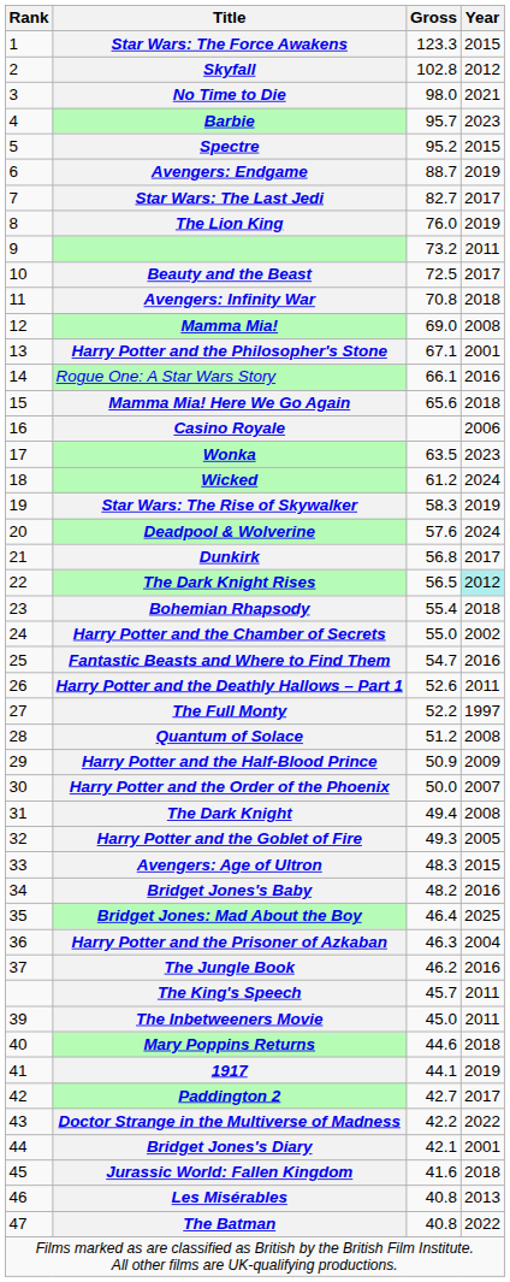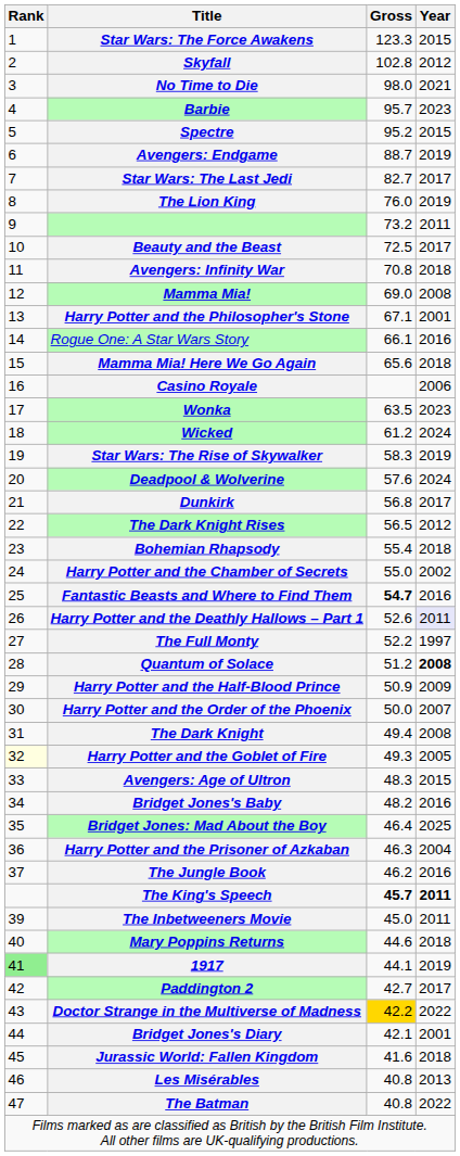 <table class="wikitable sortable plainrowheaders">
 <tr>
 <th scope="col">Rank</th>
 <th scope="col">Title</th>
 <th scope="col">Gross<br></th>
 <th scope="col">Year</th>
 </tr>
 <tr>
 <td>1</td>
 <th scope="row"><em><a href='#'>Star Wars: The Force Awakens</a></em></th>
 <td align="right">123.3</td>
 <td style="text-align:center;">2015</td>
 </tr>
 <tr>
 <td>2</td>
 <th scope="row"><em><a href='#'>Skyfall</a></em></th>
 <td align="right">102.8</td>
 <td style="text-align:center;">2012</td>
 </tr>
 <tr>
 <td>3</td>
 <th scope="row"><em><a href='#'>No Time to Die</a></em></th>
 <td style="text-align:right;">98.0</td>
 <td style="text-align:center;">2021</td>
 </tr>
 <tr>
 <td>4</td>
 <th scope="row" style="background:#b6fcb6;"><em><a href='#'>Barbie</a></em> </th>
 <td style="text-align:right;">95.7</td>
 <td style="text-align:center;">2023</td>
 </tr>
 <tr>
 <td>5</td>
 <th scope="row"><em><a href='#'>Spectre</a></em></th>
 <td align="right">95.2</td>
 <td style="text-align:center;">2015</td>
 </tr>
 <tr>
 <td>6</td>
 <th scope="row"><em><a href='#'>Avengers: Endgame</a></em></th>
 <td style="text-align:right;">88.7</td>
 <td style="text-align:center;">2019</td>
 </tr>
 <tr>
 <td>7</td>
 <th scope="row"><em><a href='#'>Star Wars: The Last Jedi</a></em></th>
 <td style="text-align:right;">82.7</td>
 <td style="text-align:center;">2017</td>
 </tr>
 <tr>
 <td>8</td>
 <th scope="row"><em><a href='#'>The Lion King</a></em></th>
 <td align="right">76.0</td>
 <td style="text-align:center;">2019</td>
 </tr>
 <tr>
 <td>9</td>
 <th scope="row" style="background:#b6fcb6;"><em></em> </th>
 <td align="right">73.2</td>
 <td style="text-align:center;">2011</td>
 </tr>
 <tr>
 <td>10</td>
 <th scope="row"><em><a href='#'>Beauty and the Beast</a></em></th>
 <td style="text-align:right;">72.5</td>
 <td style="text-align:center;">2017</td>
 </tr>
 <tr>
 <td>11</td>
 <th scope="row"><em><a href='#'>Avengers: Infinity War</a></em></th>
 <td style="text-align:right;">70.8</td>
 <td style="text-align:center;">2018</td>
 </tr>
 <tr>
 <td>12</td>
 <th scope="row" style="background:#b6fcb6;"><em><a href='#'>Mamma Mia!</a></em> </th>
 <td style="text-align:right;">69.0</td>
 <td style="text-align:center;">2008</td>
 </tr>
 <tr>
 <td>13</td>
 <th scope="row"><em><a href='#'>Harry Potter and the Philosopher's Stone</a></em></th>
 <td align="right">67.1</td>
 <td style="text-align:center;">2001</td>
 </tr>
 <tr>
 <td>14</td>
 <td scope="row" style="background:#b6fcb6;"><em><a href='#'>Rogue One: A Star Wars Story</a></em> </td>
 <td style="text-align:right;">66.1</td>
 <td style="text-align:center;">2016</td>
 </tr>
 <tr>
 <td>15</td>
 <th scope="row"><em><a href='#'>Mamma Mia! Here We Go Again</a></em></th>
 <td style="text-align:right;">65.6</td>
 <td style="text-align:center;">2018</td>
 </tr>
 <tr>
 <td>16</td>
 <th scope="row"><em><a href='#'>Casino Royale</a></em></th>
 <td align="right"></td>
 <td style="text-align:center;">2006</td>
 </tr>
 <tr>
 <td>17</td>
 <th scope="row" style="background:#b6fcb6;"><em><a href='#'>Wonka</a></em> </th>
 <td style="text-align:right;">63.5</td>
 <td style="text-align:center;">2023</td>
 </tr>
 <tr>
 <td>18</td>
 <th scope="row" style="background:#b6fcb6;"><em><a href='#'>Wicked</a></em> </th>
 <td style="text-align:right;">61.2</td>
 <td style="text-align:center;">2024</td>
 </tr>
 <tr>
 <td>19</td>
 <th scope="row"><em><a href='#'>Star Wars: The Rise of Skywalker</a></em></th>
 <td style="text-align:right;">58.3</td>
 <td style="text-align:center;">2019</td>
 </tr>
 <tr>
 <td>20</td>
 <th scope="row" style="background:#b6fcb6;"><em><a href='#'>Deadpool & Wolverine</a></em> </th>
 <td align="right">57.6</td>
 <td style="text-align:center;">2024</td>
 </tr>
 <tr>
 <td>21</td>
 <th scope="row"><em><a href='#'>Dunkirk</a></em></th>
 <td style="text-align:right;">56.8</td>
 <td style="text-align:center;">2017</td>
 </tr>
 <tr>
 <td>22</td>
 <th scope="row" style="background:#b6fcb6;"><em><a href='#'>The Dark Knight Rises</a></em> </th>
 <td style="text-align:right;">56.5</td>
-<td style="background: paleturquoise; text-align:center;">2012</td>
+<td style="text-align:center;">2012</td>
 </tr>
 <tr>
 <td>23</td>
 <th scope="row"><em><a href='#'>Bohemian Rhapsody</a></em></th>
 <td align="right">55.4</td>
 <td style="text-align:center;">2018</td>
 </tr>
 <tr>
 <td>24</td>
 <th scope="row"><em><a href='#'>Harry Potter and the Chamber of Secrets</a></em></th>
 <td style="text-align:right;">55.0</td>
 <td style="text-align:center;">2002</td>
 </tr>
 <tr>
 <td>25</td>
 <th scope="row"><em><a href='#'>Fantastic Beasts and Where to Find Them</a></em></th>
-<td align="right">54.7</td>
+<td align="right"><strong>54.7</strong></td>
 <td style="text-align:center;">2016</td>
 </tr>
 <tr>
 <td>26</td>
 <th scope="row"><em><a href='#'>Harry Potter and the Deathly Hallows – Part 1</a></em></th>
 <td align="right">52.6</td>
-<td style="text-align:center;">2011</td>
+<td style="background: lavender; text-align:center;">2011</td>
 </tr>
 <tr>
 <td>27</td>
 <th scope="row"><em><a href='#'>The Full Monty</a></em></th>
 <td align="right">52.2</td>
 <td style="text-align:center;">1997</td>
 </tr>
 <tr>
 <td>28</td>
 <th scope="row"><em><a href='#'>Quantum of Solace</a></em></th>
 <td align="right">51.2</td>
-<td style="text-align:center;">2008</td>
+<td style="text-align:center;"><strong>2008</strong></td>
 </tr>
 <tr>
 <td>29</td>
 <th scope="row"><em><a href='#'>Harry Potter and the Half-Blood Prince</a></em></th>
 <td align="right">50.9</td>
 <td style="text-align:center;">2009</td>
 </tr>
 <tr>
 <td>30</td>
 <th scope="row"><em><a href='#'>Harry Potter and the Order of the Phoenix</a></em></th>
 <td align="right">50.0</td>
 <td style="text-align:center;">2007</td>
 </tr>
 <tr>
 <td>31</td>
 <th scope="row"><em><a href='#'>The Dark Knight</a></em></th>
 <td style="text-align:right;">49.4</td>
 <td style="text-align:center;">2008</td>
 </tr>
 <tr>
-<td>32</td>
+<td style="background: lightyellow;">32</td>
 <th scope="row"><em><a href='#'>Harry Potter and the Goblet of Fire</a></em></th>
 <td align="right">49.3</td>
 <td style="text-align:center;">2005</td>
 </tr>
 <tr>
 <td>33</td>
 <th scope="row"><em><a href='#'>Avengers: Age of Ultron</a></em></th>
 <td align="right">48.3</td>
 <td style="text-align:center;">2015</td>
 </tr>
 <tr>
 <td>34</td>
 <th scope="row"><em><a href='#'>Bridget Jones's Baby</a></em></th>
 <td align="right">48.2</td>
 <td style="text-align:center;">2016</td>
 </tr>
 <tr>
 <td>35</td>
 <th scope="row" style="background:#b6fcb6;"><em><a href='#'>Bridget Jones: Mad About the Boy</a></em> </th>
 <td style="text-align:right;">46.4</td>
 <td style="text-align:center;">2025</td>
 </tr>
 <tr>
 <td>36</td>
 <th scope="row"><em><a href='#'>Harry Potter and the Prisoner of Azkaban</a></em></th>
 <td align="right">46.3</td>
 <td style="text-align:center;">2004</td>
 </tr>
 <tr>
 <td>37</td>
 <th scope="row"><em><a href='#'>The Jungle Book</a></em></th>
 <td style="text-align:right;">46.2</td>
 <td style="text-align:center;">2016</td>
 </tr>
 <tr>
 <td></td>
 <th scope="row"><em><a href='#'>The King's Speech</a></em></th>
-<td align="right">45.7</td>
-<td style="text-align:center;">2011</td>
+<td align="right"><strong>45.7</strong></td>
+<td style="text-align:center;"><strong>2011</strong></td>
 </tr>
 <tr>
 <td>39 </td>
 <th scope="row"><em><a href='#'>The Inbetweeners Movie</a></em></th>
 <td align="right">45.0</td>
 <td style="text-align:center;">2011</td>
 </tr>
 <tr>
 <td>40</td>
 <th scope="row" style="background:#b6fcb6;"><em><a href='#'>Mary Poppins Returns</a></em> </th>
 <td align="right">44.6</td>
 <td style="text-align:center;">2018</td>
 </tr>
 <tr>
-<td>41</td>
+<td style="background: lightgreen;">41</td>
 <th scope="row"><em><a href='#'>1917</a></em></th>
 <td style="text-align:right;">44.1</td>
 <td style="text-align:center;">2019</td>
 </tr>
 <tr>
 <td>42</td>
 <th scope="row" style="background:#b6fcb6;"><em><a href='#'>Paddington 2</a></em>  </th>
 <td style="text-align:right;">42.7</td>
 <td style="text-align:center;">2017</td>
 </tr>
 <tr>
 <td>43</td>
 <th scope="row"><em><a href='#'>Doctor Strange in the Multiverse of Madness</a></em></th>
-<td style="text-align:right;">42.2</td>
+<td style="background: gold; text-align:right;">42.2</td>
 <td style="text-align:center;">2022</td>
 </tr>
 <tr>
 <td>44</td>
 <th scope="row"><em><a href='#'>Bridget Jones's Diary</a></em></th>
 <td align="right">42.1</td>
 <td style="text-align:center;">2001</td>
 </tr>
 <tr>
 <td>45</td>
 <th scope="row"><em><a href='#'>Jurassic World: Fallen Kingdom</a></em></th>
 <td style="text-align:right;">41.6</td>
 <td style="text-align:center;">2018</td>
 </tr>
 <tr>
 <td>46</td>
 <th scope="row"><em><a href='#'>Les Misérables</a></em></th>
 <td align="right">40.8</td>
 <td style="text-align:center;">2013</td>
 </tr>
 <tr>
 <td>47</td>
 <th scope="row"><em><a href='#'>The Batman</a></em></th>
 <td style="text-align:right;">40.8</td>
 <td style="text-align:center;">2022</td>
 </tr>
 <tr class="sortbottom" style="text-align:center; font-size:90%">
 <td colspan="4"><em>Films marked as  are classified as British by the British Film Institute.<br>All other films are UK-qualifying productions.<br></em></td>
 </tr>
 </table>
